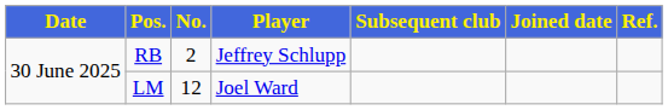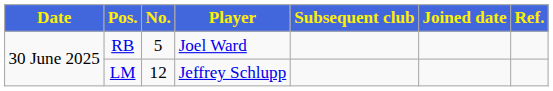 <table class="wikitable plainrowheaders sortable">
 <tr>
 <th style="background:#4267DC; color:#FFF000; ">Date</th>
 <th style="background:#4267DC; color:#FFF000; ">Pos.</th>
 <th style="background:#4267DC; color:#FFF000; ">No.</th>
 <th style="background:#4267DC; color:#FFF000; ">Player</th>
 <th style="background:#4267DC; color:#FFF000; ">Subsequent club</th>
 <th style="background:#4267DC; color:#FFF000; ">Joined date</th>
 <th style="background:#4267DC; color:#FFF000; ">Ref.</th>
 </tr>
 <tr>
 <td rowspan="2">30 June 2025</td>
 <td style="text-align:center"><a href='#'>RB</a></td>
-<td style="text-align:center">2</td>
-<td> <a href='#'>Jeffrey Schlupp</a></td>
+<td style="text-align:center">5</td>
+<td> <a href='#'>Joel Ward</a></td>
 <td></td>
 <td></td>
 <td></td>
 </tr>
 <tr>
 <td style="text-align:center"><a href='#'>LM</a></td>
 <td style="text-align:center">12</td>
-<td> <a href='#'>Joel Ward</a></td>
+<td> <a href='#'>Jeffrey Schlupp</a></td>
 <td></td>
 <td></td>
 <td></td>
 </tr>
 </table>
